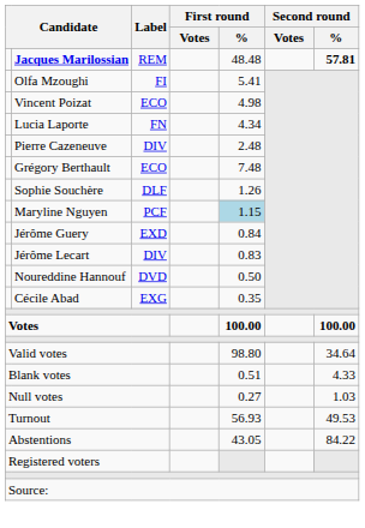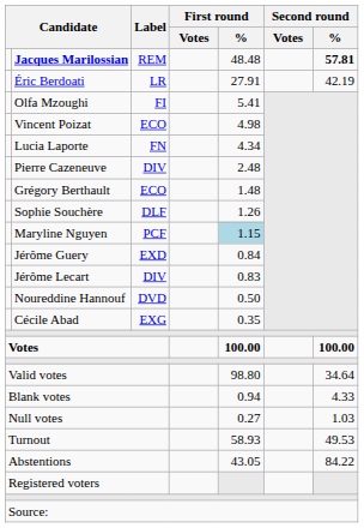 <table class="wikitable" style="text-align:right;font-size:95%;">
 <tr>
 <th rowspan="2" colspan="2">Candidate</th>
 <th rowspan="2">Label</th>
 <th colspan="2">First round</th>
 <th colspan="2">Second round</th>
 </tr>
 <tr>
 <th style="width:50px;">Votes</th>
 <th style="width:45px;">%</th>
 <th style="width:50px;">Votes</th>
 <th style="width:45px;">%</th>
 </tr>
 <tr>
 <td style="color:inherit;background:"></td>
 <td style="text-align:left;"><strong><a href='#'>Jacques Marilossian</a></strong></td>
 <td><a href='#'>REM</a></td>
 <td></td>
 <td>48.48</td>
 <td><strong></strong></td>
 <td><strong>57.81</strong></td>
+</tr>
+<tr>
+<td style="color:inherit;background:"></td>
+<td style="text-align:left;"><a href='#'>Éric Berdoati</a></td>
+<td><a href='#'>LR</a></td>
+<td></td>
+<td>27.91</td>
+<td></td>
+<td>42.19</td>
 </tr>
 <tr>
 <td style="color:inherit;background:"></td>
 <td style="text-align:left;">Olfa Mzoughi</td>
 <td><a href='#'>FI</a></td>
 <td></td>
 <td>5.41</td>
 <td colspan="2" rowspan="11" style="background:#E9E9E9;"></td>
 </tr>
 <tr>
 <td style="color:inherit;background:"></td>
 <td style="text-align:left;">Vincent Poizat</td>
 <td><a href='#'>ECO</a></td>
 <td></td>
 <td>4.98</td>
 </tr>
 <tr>
 <td style="color:inherit;background:"></td>
 <td style="text-align:left;">Lucia Laporte</td>
 <td><a href='#'>FN</a></td>
 <td></td>
 <td>4.34</td>
 </tr>
 <tr>
 <td style="color:inherit;background:"></td>
 <td style="text-align:left;">Pierre Cazeneuve</td>
 <td><a href='#'>DIV</a></td>
 <td></td>
 <td>2.48</td>
 </tr>
 <tr>
 <td style="color:inherit;background:"></td>
 <td style="text-align:left;">Grégory Berthault</td>
 <td><a href='#'>ECO</a></td>
 <td></td>
-<td>7.48</td>
+<td>1.48</td>
 </tr>
 <tr>
 <td style="color:inherit;background:"></td>
 <td style="text-align:left;">Sophie Souchère</td>
 <td><a href='#'>DLF</a></td>
 <td></td>
 <td>1.26</td>
 </tr>
 <tr>
 <td style="color:inherit;background:"></td>
 <td style="text-align:left;">Maryline Nguyen</td>
 <td><a href='#'>PCF</a></td>
 <td></td>
 <td style="background: lightblue;">1.15</td>
 </tr>
 <tr>
 <td style="color:inherit;background:"></td>
 <td style="text-align:left;">Jérôme Guery</td>
 <td><a href='#'>EXD</a></td>
 <td></td>
 <td>0.84</td>
 </tr>
 <tr>
 <td style="color:inherit;background:"></td>
 <td style="text-align:left;">Jérôme Lecart</td>
 <td><a href='#'>DIV</a></td>
 <td></td>
 <td>0.83</td>
 </tr>
 <tr>
 <td style="color:inherit;background:"></td>
 <td style="text-align:left;">Noureddine Hannouf</td>
 <td><a href='#'>DVD</a></td>
 <td></td>
 <td>0.50</td>
 </tr>
 <tr>
 <td style="color:inherit;background:"></td>
 <td style="text-align:left;">Cécile Abad</td>
 <td><a href='#'>EXG</a></td>
 <td></td>
 <td>0.35</td>
 </tr>
 <tr>
 <td colspan="7" style="background:#E9E9E9;"></td>
 </tr>
 <tr style="font-weight:bold;">
 <td colspan="3" style="text-align:left;">Votes</td>
 <td></td>
 <td>100.00</td>
 <td></td>
 <td>100.00</td>
 </tr>
 <tr>
 <td colspan="7" style="background:#E9E9E9;"></td>
 </tr>
 <tr>
 <td colspan="3" style="text-align:left;">Valid votes</td>
 <td></td>
 <td>98.80</td>
 <td></td>
 <td>34.64</td>
 </tr>
 <tr>
 <td colspan="3" style="text-align:left;">Blank votes</td>
 <td></td>
-<td>0.51</td>
+<td>0.94</td>
 <td></td>
 <td>4.33</td>
 </tr>
 <tr>
 <td colspan="3" style="text-align:left;">Null votes</td>
 <td></td>
 <td>0.27</td>
 <td></td>
 <td>1.03</td>
 </tr>
 <tr>
 <td colspan="3" style="text-align:left;">Turnout</td>
 <td></td>
-<td>56.93</td>
+<td>58.93</td>
 <td></td>
 <td>49.53</td>
 </tr>
 <tr>
 <td colspan="3" style="text-align:left;">Abstentions</td>
 <td></td>
 <td>43.05</td>
 <td></td>
 <td>84.22</td>
 </tr>
 <tr>
 <td colspan="3" style="text-align:left;">Registered voters</td>
 <td></td>
 <td style="color:inherit;background:#E9E9E9;"></td>
 <td></td>
 <td style="color:inherit;background:#E9E9E9;"></td>
 </tr>
 <tr>
 <td colspan="7" style="background:#E9E9E9;"></td>
 </tr>
 <tr>
 <td colspan="7" style="text-align:left;">Source:</td>
 </tr>
 </table>
